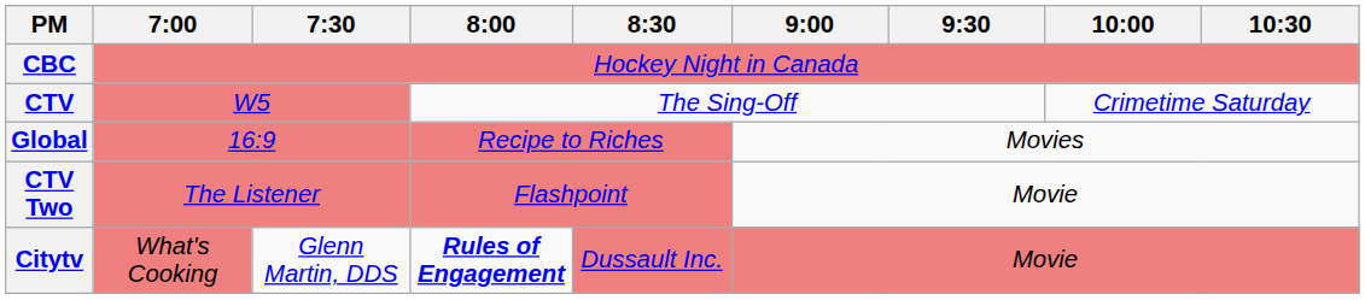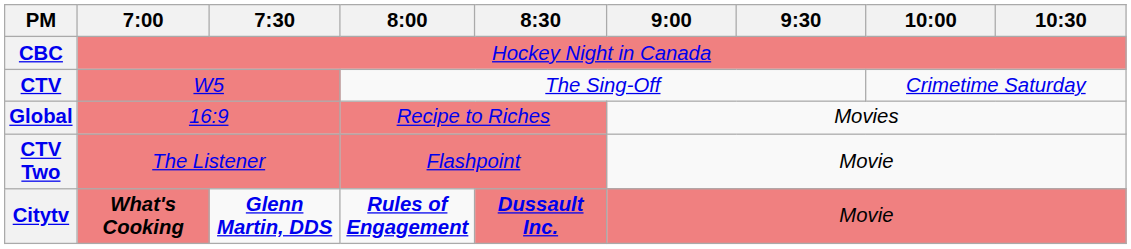 <table class="wikitable" width="100%">
 <tr>
 <th width="4%">PM</th>
 <th width="12%">7:00</th>
 <th width="12%">7:30</th>
 <th width="12%">8:00</th>
 <th width="12%">8:30</th>
 <th width="12%">9:00</th>
 <th width="12%">9:30</th>
 <th width="12%">10:00</th>
 <th width="12%">10:30</th>
 </tr>
 <tr align="center">
 <th><a href='#'>CBC</a></th>
 <td colspan="8" align=center bgcolor="#F08080"><em><a href='#'>Hockey Night in Canada</a></em></td>
 </tr>
 <tr align="center">
 <th><a href='#'>CTV</a></th>
 <td colspan="2" align=center bgcolor="#F08080"><em><a href='#'>W5</a></em></td>
 <td colspan="4" align=center><em><a href='#'>The Sing-Off</a></em></td>
 <td colspan="2" align=center><em><a href='#'>Crimetime Saturday</a></em></td>
 </tr>
 <tr align="center">
 <th><a href='#'>Global</a></th>
 <td colspan="2" align=center bgcolor="#F08080"><em><a href='#'>16:9</a></em></td>
 <td colspan="2" align=center bgcolor="#F08080"><em><a href='#'>Recipe to Riches</a></em></td>
 <td colspan="4" align=center><em>Movies</em></td>
 </tr>
 <tr align="center">
 <th><a href='#'>CTV Two</a></th>
 <td colspan="2" align=center bgcolor="#F08080"><em><a href='#'>The Listener</a></em></td>
 <td colspan="2" align=center bgcolor="#F08080"><em><a href='#'>Flashpoint</a></em></td>
 <td colspan="4" align=center><em>Movie</em></td>
 </tr>
 <tr align="center">
 <th><a href='#'>Citytv</a></th>
-<td colspan="1" align=center bgcolor="#F08080"><em>What's Cooking</em></td>
-<td colspan="1" align=center><em><a href='#'>Glenn Martin, DDS</a></em></td>
+<td colspan="1" align=center bgcolor="#F08080"><strong><em>What's Cooking</em></strong></td>
+<td colspan="1" align=center><strong><em><a href='#'>Glenn Martin, DDS</a></em></strong></td>
 <td colspan="1" align=center><strong><em><a href='#'>Rules of Engagement</a></em></strong></td>
-<td colspan="1" align=center bgcolor="#F08080"><em><a href='#'>Dussault Inc.</a></em></td>
+<td colspan="1" align=center bgcolor="#F08080"><strong><em><a href='#'>Dussault Inc.</a></em></strong></td>
 <td colspan="4" align=center bgcolor="#F08080"><em>Movie</em></td>
 </tr>
 </table>
